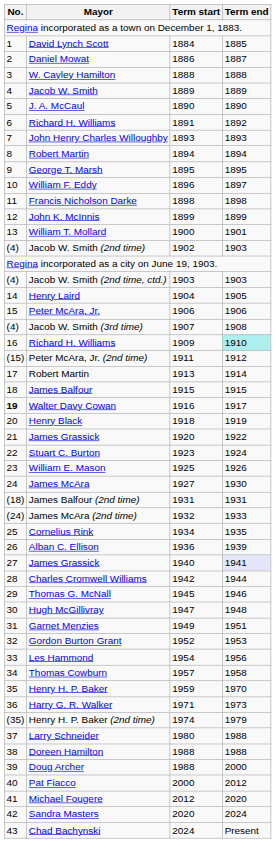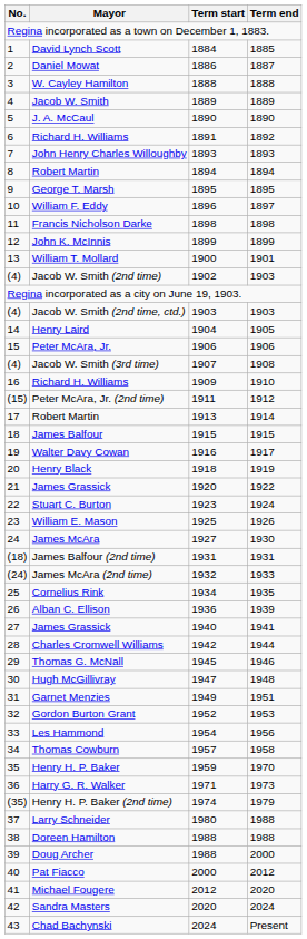 <table class="wikitable sortable">
 <tr>
 <th align="center">No.</th>
 <th>Mayor</th>
 <th>Term start</th>
 <th>Term end</th>
 </tr>
 <tr>
 <td colspan="4"><a href='#'>Regina</a> incorporated as a town on December 1, 1883.</td>
 </tr>
 <tr>
 <td>1</td>
 <td><a href='#'>David Lynch Scott</a></td>
 <td>1884</td>
 <td>1885</td>
 </tr>
 <tr>
 <td>2</td>
 <td><a href='#'>Daniel Mowat</a></td>
 <td>1886</td>
 <td>1887</td>
 </tr>
 <tr>
 <td>3</td>
 <td><a href='#'>W. Cayley Hamilton</a></td>
 <td>1888</td>
 <td>1888</td>
 </tr>
 <tr>
 <td>4</td>
 <td><a href='#'>Jacob W. Smith</a></td>
 <td>1889</td>
 <td>1889</td>
 </tr>
 <tr>
 <td>5</td>
 <td><a href='#'>J. A. McCaul</a></td>
 <td>1890</td>
 <td>1890</td>
 </tr>
 <tr>
 <td>6</td>
 <td><a href='#'>Richard H. Williams</a></td>
 <td>1891</td>
 <td>1892</td>
 </tr>
 <tr>
 <td>7</td>
 <td><a href='#'>John Henry Charles Willoughby</a></td>
 <td>1893</td>
 <td>1893</td>
 </tr>
 <tr>
 <td>8</td>
 <td><a href='#'>Robert Martin</a></td>
 <td>1894</td>
 <td>1894</td>
 </tr>
 <tr>
 <td>9</td>
 <td><a href='#'>George T. Marsh</a></td>
 <td>1895</td>
 <td>1895</td>
 </tr>
 <tr>
 <td>10</td>
 <td><a href='#'>William F. Eddy</a></td>
 <td>1896</td>
 <td>1897</td>
 </tr>
 <tr>
 <td>11</td>
 <td><a href='#'>Francis Nicholson Darke</a></td>
 <td>1898</td>
 <td>1898</td>
 </tr>
 <tr>
 <td>12</td>
 <td><a href='#'>John K. McInnis</a></td>
 <td>1899</td>
 <td>1899</td>
 </tr>
 <tr>
 <td>13</td>
 <td><a href='#'>William T. Mollard</a></td>
 <td>1900</td>
 <td>1901</td>
 </tr>
 <tr>
 <td>(4)</td>
 <td>Jacob W. Smith <em>(2nd time)</em></td>
 <td>1902</td>
 <td>1903</td>
 </tr>
 <tr>
 <td colspan="4"><a href='#'>Regina</a> incorporated as a city on June 19, 1903.</td>
 </tr>
 <tr>
 <td>(4)</td>
 <td>Jacob W. Smith <em>(2nd time, ctd.)</em></td>
 <td>1903</td>
 <td>1903</td>
 </tr>
 <tr>
 <td>14</td>
 <td><a href='#'>Henry Laird</a></td>
 <td>1904</td>
 <td>1905</td>
 </tr>
 <tr>
 <td>15</td>
 <td><a href='#'>Peter McAra, Jr.</a></td>
 <td>1906</td>
 <td>1906</td>
 </tr>
 <tr>
 <td>(4)</td>
 <td>Jacob W. Smith <em>(3rd time)</em></td>
 <td>1907</td>
 <td>1908</td>
 </tr>
 <tr>
 <td>16</td>
 <td><a href='#'>Richard H. Williams</a></td>
 <td>1909</td>
-<td style="background: paleturquoise;">1910</td>
+<td>1910</td>
 </tr>
 <tr>
 <td>(15)</td>
 <td>Peter McAra, Jr. <em>(2nd time)</em></td>
 <td>1911</td>
 <td>1912</td>
 </tr>
 <tr>
 <td>17</td>
 <td>Robert Martin</td>
 <td>1913</td>
 <td>1914</td>
 </tr>
 <tr>
 <td>18</td>
 <td><a href='#'>James Balfour</a></td>
 <td>1915</td>
 <td>1915</td>
 </tr>
 <tr>
-<td><strong>19</strong></td>
+<td>19</td>
 <td><a href='#'>Walter Davy Cowan</a></td>
 <td>1916</td>
 <td>1917</td>
 </tr>
 <tr>
 <td>20</td>
 <td><a href='#'>Henry Black</a></td>
 <td>1918</td>
 <td>1919</td>
 </tr>
 <tr>
 <td>21</td>
 <td><a href='#'>James Grassick</a></td>
 <td>1920</td>
 <td>1922</td>
 </tr>
 <tr>
 <td>22</td>
 <td><a href='#'>Stuart C. Burton</a></td>
 <td>1923</td>
 <td>1924</td>
 </tr>
 <tr>
 <td>23</td>
 <td><a href='#'>William E. Mason</a></td>
 <td>1925</td>
 <td>1926</td>
 </tr>
 <tr>
 <td>24</td>
 <td><a href='#'>James McAra</a></td>
 <td>1927</td>
 <td>1930</td>
 </tr>
 <tr>
 <td>(18)</td>
 <td>James Balfour <em>(2nd time)</em></td>
 <td>1931</td>
 <td>1931</td>
 </tr>
 <tr>
 <td>(24)</td>
 <td>James McAra <em>(2nd time)</em></td>
 <td>1932</td>
 <td>1933</td>
 </tr>
 <tr>
 <td>25</td>
 <td><a href='#'>Cornelius Rink</a></td>
 <td>1934</td>
 <td>1935</td>
 </tr>
 <tr>
 <td>26</td>
 <td><a href='#'>Alban C. Ellison</a></td>
 <td>1936</td>
 <td>1939</td>
 </tr>
 <tr>
 <td>27</td>
 <td><a href='#'>James Grassick</a></td>
 <td>1940</td>
-<td style="background: lavender;">1941</td>
+<td>1941</td>
 </tr>
 <tr>
 <td>28</td>
 <td><a href='#'>Charles Cromwell Williams</a></td>
 <td>1942</td>
 <td>1944</td>
 </tr>
 <tr>
 <td>29</td>
 <td><a href='#'>Thomas G. McNall</a></td>
 <td>1945</td>
 <td>1946</td>
 </tr>
 <tr>
 <td>30</td>
 <td><a href='#'>Hugh McGillivray</a></td>
 <td>1947</td>
 <td>1948</td>
 </tr>
 <tr>
 <td>31</td>
 <td><a href='#'>Garnet Menzies</a></td>
 <td>1949</td>
 <td>1951</td>
 </tr>
 <tr>
 <td>32</td>
 <td><a href='#'>Gordon Burton Grant</a></td>
 <td>1952</td>
 <td>1953</td>
 </tr>
 <tr>
 <td>33</td>
 <td><a href='#'>Les Hammond</a></td>
 <td>1954</td>
 <td>1956</td>
 </tr>
 <tr>
 <td>34</td>
 <td><a href='#'>Thomas Cowburn</a></td>
 <td>1957</td>
 <td>1958</td>
 </tr>
 <tr>
 <td>35</td>
 <td><a href='#'>Henry H. P. Baker</a></td>
 <td>1959</td>
 <td>1970</td>
 </tr>
 <tr>
 <td>36</td>
 <td><a href='#'>Harry G. R. Walker</a></td>
 <td>1971</td>
 <td>1973</td>
 </tr>
 <tr>
 <td>(35)</td>
 <td>Henry H. P. Baker <em>(2nd time)</em></td>
 <td>1974</td>
 <td>1979</td>
 </tr>
 <tr>
 <td>37</td>
 <td><a href='#'>Larry Schneider</a></td>
 <td>1980</td>
 <td>1988</td>
 </tr>
 <tr>
 <td>38</td>
 <td><a href='#'>Doreen Hamilton</a></td>
 <td>1988</td>
 <td>1988</td>
 </tr>
 <tr>
 <td>39</td>
 <td><a href='#'>Doug Archer</a></td>
 <td>1988</td>
 <td>2000</td>
 </tr>
 <tr>
 <td>40</td>
 <td><a href='#'>Pat Fiacco</a></td>
 <td>2000</td>
 <td>2012</td>
 </tr>
 <tr>
 <td>41</td>
 <td><a href='#'>Michael Fougere</a></td>
 <td>2012</td>
 <td>2020</td>
 </tr>
 <tr>
 <td>42</td>
 <td><a href='#'>Sandra Masters</a></td>
 <td>2020</td>
 <td>2024</td>
 </tr>
 <tr>
 <td>43</td>
 <td><a href='#'>Chad Bachynski</a></td>
 <td>2024</td>
 <td>Present</td>
 </tr>
 </table>
